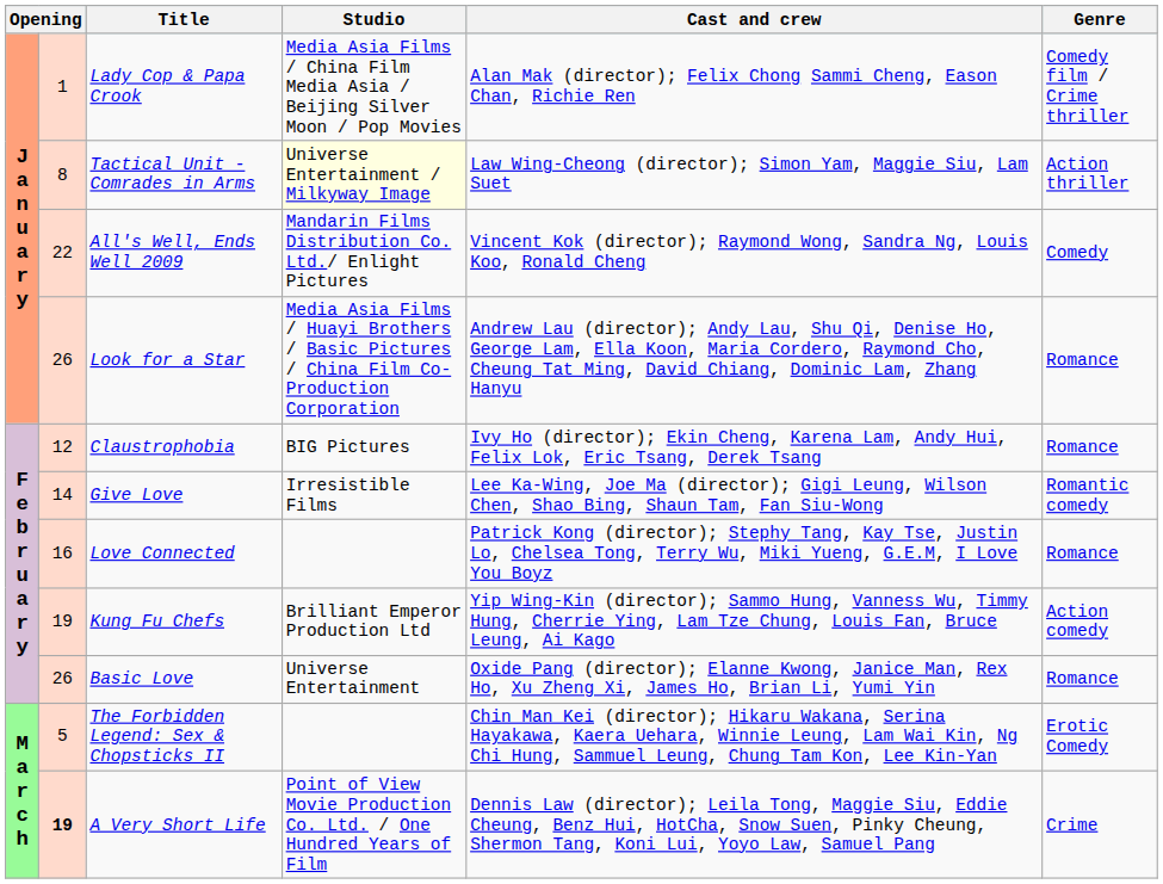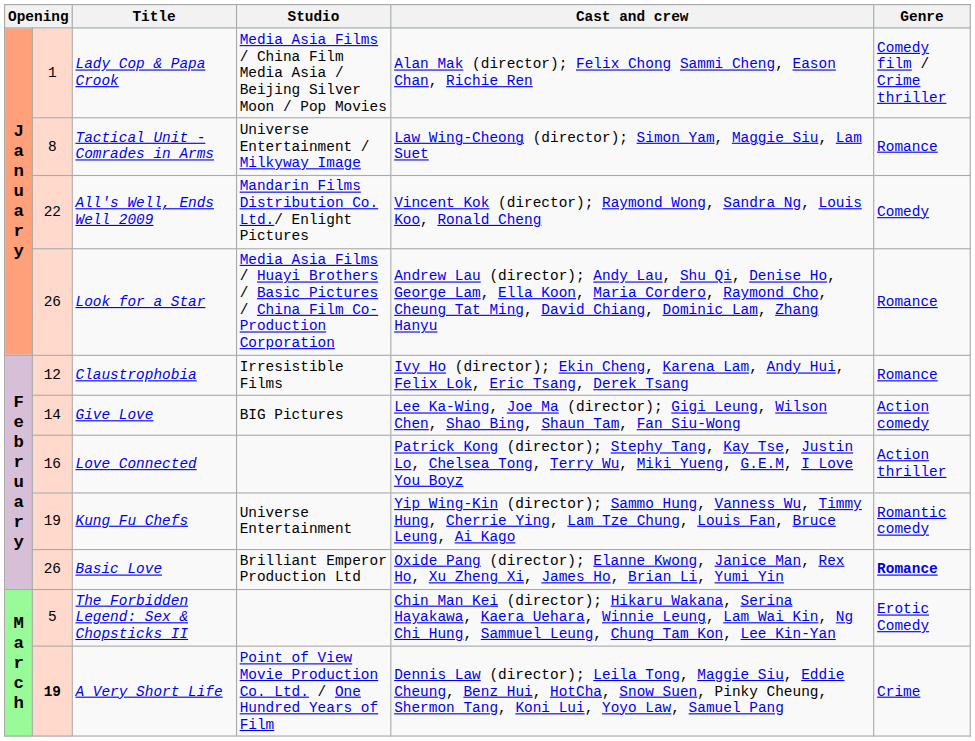 <table class="wikitable sortable">
 <tr style="background:#b0e0e6; text-align:center;">
 <th colspan="2">Opening</th>
 <th style="width:17%;">Title</th>
 <th style="width:16%;">Studio</th>
 <th>Cast and crew</th>
 <th style="width:10%;">Genre</th>
 </tr>
 <tr>
 <th rowspan="4" style="text-align:center; background:#ffa07a; textcolor:#000;"><big>J<br>a<br>n<br>u<br>a<br>r<br>y</big></th>
 <td style="text-align:center; background:#ffdacc; textcolor:#000;">1</td>
 <td><em><a href='#'>Lady Cop & Papa Crook</a></em></td>
 <td><a href='#'>Media Asia Films</a> / China Film Media Asia / Beijing Silver Moon / Pop Movies</td>
 <td><a href='#'>Alan Mak</a> (director); <a href='#'>Felix Chong</a> <a href='#'>Sammi Cheng</a>, <a href='#'>Eason Chan</a>, <a href='#'>Richie Ren</a></td>
 <td><a href='#'>Comedy film</a> / <a href='#'>Crime thriller</a></td>
 </tr>
 <tr>
 <td style="text-align:center; background:#ffdacc; textcolor:#000;">8</td>
 <td><em><a href='#'>Tactical Unit - Comrades in Arms</a></em></td>
-<td style="background: lightyellow;">Universe Entertainment / <a href='#'>Milkyway Image</a></td>
+<td>Universe Entertainment / <a href='#'>Milkyway Image</a></td>
 <td><a href='#'>Law Wing-Cheong</a> (director); <a href='#'>Simon Yam</a>, <a href='#'>Maggie Siu</a>, <a href='#'>Lam Suet</a></td>
-<td><a href='#'>Action thriller</a></td>
+<td><a href='#'>Romance</a></td>
 </tr>
 <tr>
 <td style="text-align:center; background:#ffdacc; textcolor:#000;">22</td>
 <td><em><a href='#'>All's Well, Ends Well 2009</a></em></td>
 <td><a href='#'>Mandarin Films Distribution Co. Ltd.</a>/ Enlight Pictures</td>
 <td><a href='#'>Vincent Kok</a> (director); <a href='#'>Raymond Wong</a>, <a href='#'>Sandra Ng</a>, <a href='#'>Louis Koo</a>, <a href='#'>Ronald Cheng</a></td>
 <td><a href='#'>Comedy</a></td>
 </tr>
 <tr>
 <td style="text-align:center; background:#ffdacc; textcolor:#000;">26</td>
 <td><em><a href='#'>Look for a Star</a></em></td>
 <td><a href='#'>Media Asia Films</a> / <a href='#'>Huayi Brothers</a> / <a href='#'>Basic Pictures</a> / <a href='#'>China Film Co-Production Corporation</a></td>
 <td><a href='#'>Andrew Lau</a> (director); <a href='#'>Andy Lau</a>, <a href='#'>Shu Qi</a>, <a href='#'>Denise Ho</a>, <a href='#'>George Lam</a>, <a href='#'>Ella Koon</a>, <a href='#'>Maria Cordero</a>, <a href='#'>Raymond Cho</a>, <a href='#'>Cheung Tat Ming</a>, <a href='#'>David Chiang</a>, <a href='#'>Dominic Lam</a>, <a href='#'>Zhang Hanyu</a></td>
 <td><a href='#'>Romance</a></td>
 </tr>
 <tr>
 <th rowspan="5" style="text-align:center; background:thistle; textcolor:#000;"><big> F <br>e<br>b<br>r<br>u<br>a<br>r<br>y</big></th>
 <td style="text-align:center; background:#ffdacc; textcolor:#000;">12</td>
 <td><em><a href='#'>Claustrophobia</a></em></td>
-<td>BIG Pictures</td>
+<td>Irresistible Films</td>
 <td><a href='#'>Ivy Ho</a> (director); <a href='#'>Ekin Cheng</a>, <a href='#'>Karena Lam</a>, <a href='#'>Andy Hui</a>, <a href='#'>Felix Lok</a>, <a href='#'>Eric Tsang</a>, <a href='#'>Derek Tsang</a></td>
 <td><a href='#'>Romance</a></td>
 </tr>
 <tr>
 <td style="text-align:center; background:#ffdacc; textcolor:#000;">14</td>
 <td><em><a href='#'>Give Love</a></em></td>
-<td>Irresistible Films</td>
+<td>BIG Pictures</td>
 <td><a href='#'>Lee Ka-Wing</a>,  <a href='#'>Joe Ma</a> (director); <a href='#'>Gigi Leung</a>, <a href='#'>Wilson Chen</a>, <a href='#'>Shao Bing</a>, <a href='#'>Shaun Tam</a>, <a href='#'>Fan Siu-Wong</a></td>
-<td><a href='#'>Romantic comedy</a></td>
+<td><a href='#'>Action comedy</a></td>
 </tr>
 <tr>
 <td style="text-align:center; background:#ffdacc; textcolor:#000;">16</td>
 <td><em><a href='#'>Love Connected</a></em></td>
 <td></td>
 <td><a href='#'>Patrick Kong</a> (director);  <a href='#'>Stephy Tang</a>, <a href='#'>Kay Tse</a>, <a href='#'>Justin Lo</a>, <a href='#'>Chelsea Tong</a>, <a href='#'>Terry Wu</a>, <a href='#'>Miki Yueng</a>, <a href='#'>G.E.M</a>, <a href='#'>I Love You Boyz</a></td>
-<td><a href='#'>Romance</a></td>
+<td><a href='#'>Action thriller</a></td>
 </tr>
 <tr>
 <td style="text-align:center; background:#ffdacc; textcolor:#000;">19</td>
 <td><em><a href='#'>Kung Fu Chefs</a></em></td>
-<td>Brilliant Emperor Production Ltd</td>
+<td>Universe Entertainment</td>
 <td><a href='#'>Yip Wing-Kin</a> (director); <a href='#'>Sammo Hung</a>, <a href='#'>Vanness Wu</a>, <a href='#'>Timmy Hung</a>, <a href='#'>Cherrie Ying</a>, <a href='#'>Lam Tze Chung</a>, <a href='#'>Louis Fan</a>, <a href='#'>Bruce Leung</a>, <a href='#'>Ai Kago</a></td>
-<td><a href='#'>Action comedy</a></td>
+<td><a href='#'>Romantic comedy</a></td>
 </tr>
 <tr>
 <td style="text-align:center; background:#ffdacc; textcolor:#000;">26</td>
 <td><em><a href='#'>Basic Love</a></em></td>
-<td>Universe Entertainment</td>
+<td>Brilliant Emperor Production Ltd</td>
 <td><a href='#'>Oxide Pang</a> (director); <a href='#'>Elanne Kwong</a>, <a href='#'>Janice Man</a>, <a href='#'>Rex Ho</a>, <a href='#'>Xu Zheng Xi</a>, <a href='#'>James Ho</a>, <a href='#'>Brian Li</a>, <a href='#'>Yumi Yin</a></td>
-<td><a href='#'>Romance</a></td>
+<td><strong><a href='#'>Romance</a></strong></td>
 </tr>
 <tr>
 <th rowspan="2" style="text-align:center; background:#98fb98; textcolor:#000;"><big>M<br>a<br>r<br>c<br>h</big></th>
 <td style="text-align:center; background:#ffdacc; textcolor:#000;">5</td>
 <td><em><a href='#'>The Forbidden Legend: Sex & Chopsticks II</a></em></td>
 <td></td>
 <td><a href='#'>Chin Man Kei</a> (director); <a href='#'>Hikaru Wakana</a>, <a href='#'>Serina Hayakawa</a>, <a href='#'>Kaera Uehara</a>, <a href='#'>Winnie Leung</a>, <a href='#'>Lam Wai Kin</a>, <a href='#'>Ng Chi Hung</a>, <a href='#'>Sammuel Leung</a>, <a href='#'>Chung Tam Kon</a>, <a href='#'>Lee Kin-Yan</a></td>
 <td><a href='#'>Erotic Comedy</a></td>
 </tr>
 <tr>
 <td style="text-align:center; background:#ffdacc; textcolor:#000;"><strong>19</strong></td>
 <td><em><a href='#'>A Very Short Life</a></em></td>
 <td><a href='#'>Point of View Movie Production Co. Ltd.</a> / <a href='#'>One Hundred Years of Film</a></td>
 <td><a href='#'>Dennis Law</a> (director); <a href='#'>Leila Tong</a>, <a href='#'>Maggie Siu</a>, <a href='#'>Eddie Cheung</a>, <a href='#'>Benz Hui</a>, <a href='#'>HotCha</a>, <a href='#'>Snow Suen</a>, Pinky Cheung, <a href='#'>Shermon Tang</a>, <a href='#'>Koni Lui</a>, <a href='#'>Yoyo Law</a>, <a href='#'>Samuel Pang</a></td>
 <td><a href='#'>Crime</a></td>
 </tr>
 </table>
